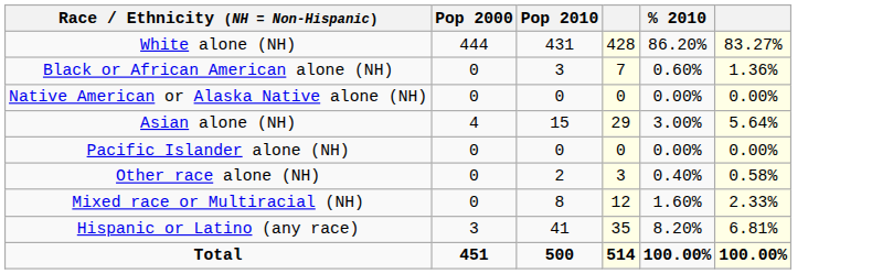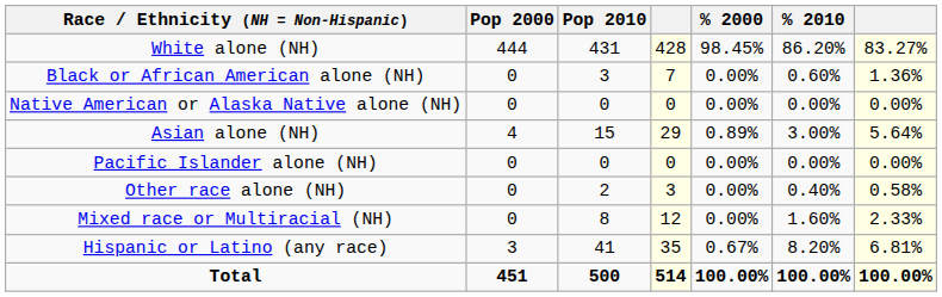 <table class="wikitable" style="text-align:center;">
 <tr>
 <th>Race / Ethnicity <small>(<em>NH = Non-Hispanic</em>)</small></th>
 <th>Pop 2000</th>
 <th>Pop 2010</th>
 <th></th>
+<th>% 2000</th>
 <th>% 2010</th>
 <th></th>
 </tr>
 <tr>
 <td><a href='#'>White</a> alone (NH)</td>
 <td>444</td>
 <td>431</td>
 <td style='background: #ffffe6;'>428</td>
+<td>98.45%</td>
 <td>86.20%</td>
 <td style='background: #ffffe6;'>83.27%</td>
 </tr>
 <tr>
 <td><a href='#'>Black or African American</a> alone (NH)</td>
 <td>0</td>
 <td>3</td>
 <td style='background: #ffffe6;'>7</td>
+<td>0.00%</td>
 <td>0.60%</td>
 <td style='background: #ffffe6;'>1.36%</td>
 </tr>
 <tr>
 <td><a href='#'>Native American</a> or <a href='#'>Alaska Native</a> alone (NH)</td>
 <td>0</td>
 <td>0</td>
 <td style='background: #ffffe6;'>0</td>
 <td>0.00%</td>
+<td>0.00%</td>
 <td style='background: #ffffe6;'>0.00%</td>
 </tr>
 <tr>
 <td><a href='#'>Asian</a> alone (NH)</td>
 <td>4</td>
 <td>15</td>
 <td style='background: #ffffe6;'>29</td>
+<td>0.89%</td>
 <td>3.00%</td>
 <td style='background: #ffffe6;'>5.64%</td>
 </tr>
 <tr>
 <td><a href='#'>Pacific Islander</a> alone (NH)</td>
 <td>0</td>
 <td>0</td>
 <td style='background: #ffffe6;'>0</td>
 <td>0.00%</td>
+<td>0.00%</td>
 <td style='background: #ffffe6;'>0.00%</td>
 </tr>
 <tr>
 <td><a href='#'>Other race</a> alone (NH)</td>
 <td>0</td>
 <td>2</td>
 <td style='background: #ffffe6;'>3</td>
+<td>0.00%</td>
 <td>0.40%</td>
 <td style='background: #ffffe6;'>0.58%</td>
 </tr>
 <tr>
 <td><a href='#'>Mixed race or Multiracial</a> (NH)</td>
 <td>0</td>
 <td>8</td>
 <td style='background: #ffffe6;'>12</td>
+<td>0.00%</td>
 <td>1.60%</td>
 <td style='background: #ffffe6;'>2.33%</td>
 </tr>
 <tr>
 <td><a href='#'>Hispanic or Latino</a> (any race)</td>
 <td>3</td>
 <td>41</td>
 <td style='background: #ffffe6;'>35</td>
+<td>0.67%</td>
 <td>8.20%</td>
 <td style='background: #ffffe6;'>6.81%</td>
 </tr>
 <tr>
 <td><strong>Total</strong></td>
 <td><strong>451</strong></td>
 <td><strong>500</strong></td>
 <td style='background: #ffffe6;'><strong>514</strong></td>
 <td><strong>100.00%</strong></td>
+<td><strong>100.00%</strong></td>
 <td style='background: #ffffe6;'><strong>100.00%</strong></td>
 </tr>
 </table>
